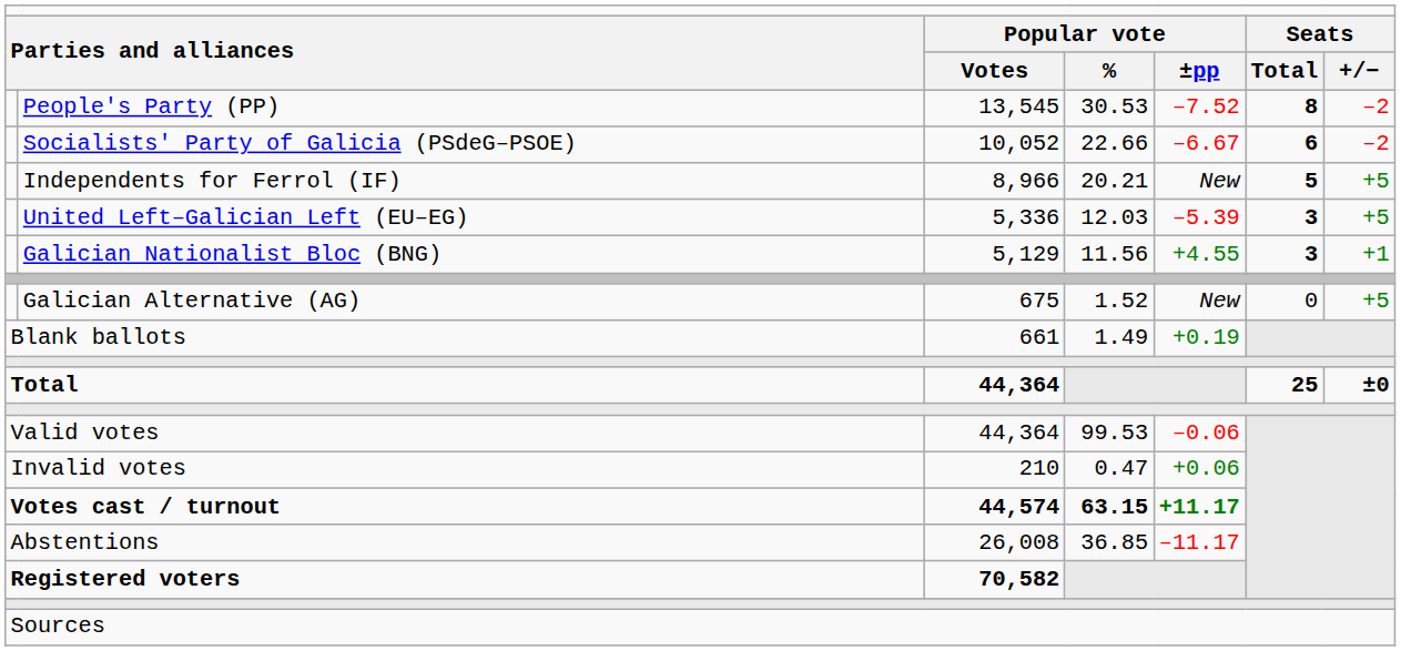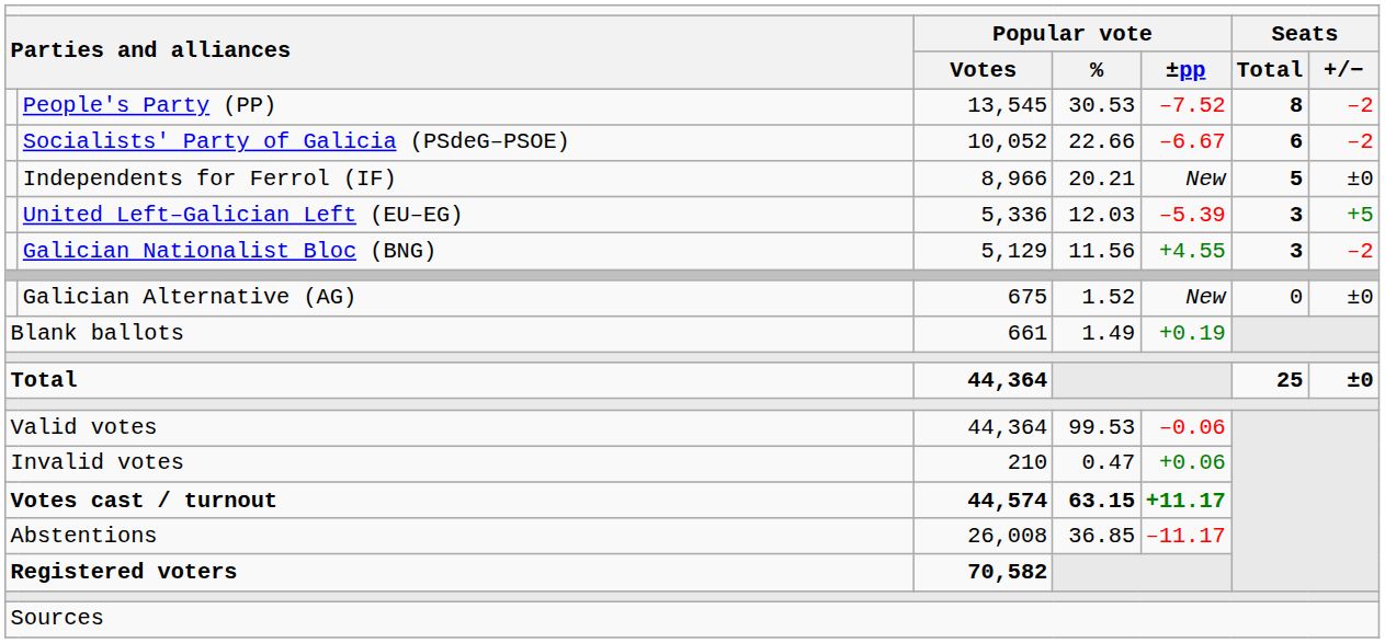 <table class="wikitable" style="text-align:right;">
 <tr>
 <td colspan="7"></td>
 </tr>
 <tr>
 <th style="text-align:left;" rowspan="2" colspan="2" width="525">Parties and alliances</th>
 <th colspan="3">Popular vote</th>
 <th colspan="2">Seats</th>
 </tr>
 <tr>
 <th width="75">Votes</th>
 <th width="45">%</th>
 <th width="45">±<a href='#'>pp</a></th>
 <th width="35">Total</th>
 <th width="35">+/−</th>
 </tr>
 <tr>
 <td width="1" style="color:inherit;background:"></td>
 <td align="left"><a href='#'>People's Party</a> (PP)</td>
 <td>13,545</td>
 <td>30.53</td>
 <td style="color:red;">–7.52</td>
 <td><strong>8</strong></td>
 <td style="color:red;">–2</td>
 </tr>
 <tr>
 <td style="color:inherit;background:"></td>
 <td align="left"><a href='#'>Socialists' Party of Galicia</a> (PSdeG–PSOE)</td>
 <td>10,052</td>
 <td>22.66</td>
 <td style="color:red;">–6.67</td>
 <td><strong>6</strong></td>
 <td style="color:red;">–2</td>
 </tr>
 <tr>
 <td style="color:inherit;background:"></td>
 <td align="left">Independents for Ferrol (IF)</td>
 <td>8,966</td>
 <td>20.21</td>
 <td><em>New</em></td>
 <td><strong>5</strong></td>
-<td style="color:green;">+5</td>
+<td>±0</td>
 </tr>
 <tr>
 <td style="color:inherit;background:"></td>
 <td align="left"><a href='#'>United Left–Galician Left</a> (EU–EG)</td>
 <td>5,336</td>
 <td>12.03</td>
 <td style="color:red;">–5.39</td>
 <td><strong>3</strong></td>
 <td style="color:green;">+5</td>
 </tr>
 <tr>
 <td style="color:inherit;background:"></td>
 <td align="left"><a href='#'>Galician Nationalist Bloc</a> (BNG)</td>
 <td>5,129</td>
 <td>11.56</td>
 <td style="color:green;">+4.55</td>
 <td><strong>3</strong></td>
-<td style="color:green;">+1</td>
+<td style="color:red;">–2</td>
 </tr>
 <tr>
 <td colspan="7" bgcolor="#C0C0C0"></td>
 </tr>
 <tr>
 <td style="color:inherit;background:"></td>
 <td align="left">Galician Alternative (AG)</td>
 <td>675</td>
 <td>1.52</td>
 <td><em>New</em></td>
 <td>0</td>
-<td style="color:green;">+5</td>
+<td>±0</td>
 </tr>
 <tr>
 <td align="left" colspan="2">Blank ballots</td>
 <td>661</td>
 <td>1.49</td>
 <td style="color:green;">+0.19</td>
 <td bgcolor="#E9E9E9" colspan="2"></td>
 </tr>
 <tr>
 <td colspan="7" bgcolor="#E9E9E9"></td>
 </tr>
 <tr style="font-weight:bold;">
 <td align="left" colspan="2">Total</td>
 <td>44,364</td>
 <td bgcolor="#E9E9E9" colspan="2"></td>
 <td>25</td>
 <td>±0</td>
 </tr>
 <tr>
 <td colspan="7" bgcolor="#E9E9E9"></td>
 </tr>
 <tr>
 <td align="left" colspan="2">Valid votes</td>
 <td>44,364</td>
 <td>99.53</td>
 <td style="color:red;">–0.06</td>
 <td bgcolor="#E9E9E9" colspan="2" rowspan="5"></td>
 </tr>
 <tr>
 <td align="left" colspan="2">Invalid votes</td>
 <td>210</td>
 <td>0.47</td>
 <td style="color:green;">+0.06</td>
 </tr>
 <tr style="font-weight:bold;">
 <td align="left" colspan="2">Votes cast / turnout</td>
 <td>44,574</td>
 <td>63.15</td>
 <td style="color:green;">+11.17</td>
 </tr>
 <tr>
 <td align="left" colspan="2">Abstentions</td>
 <td>26,008</td>
 <td>36.85</td>
 <td style="color:red;">–11.17</td>
 </tr>
 <tr style="font-weight:bold;">
 <td align="left" colspan="2">Registered voters</td>
 <td>70,582</td>
 <td bgcolor="#E9E9E9" colspan="2"></td>
 </tr>
 <tr>
 <td colspan="7" bgcolor="#E9E9E9"></td>
 </tr>
 <tr>
 <td align="left" colspan="7">Sources</td>
 </tr>
 </table>
